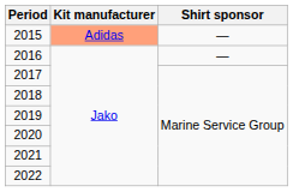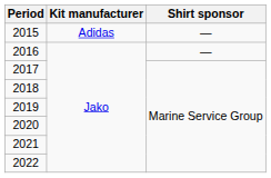 <table class="wikitable" style="text-align: center">
 <tr>
 <th>Period</th>
 <th>Kit manufacturer</th>
 <th>Shirt sponsor</th>
 </tr>
 <tr>
 <td>2015</td>
-<td style="background: lightsalmon;"><a href='#'>Adidas</a></td>
+<td><a href='#'>Adidas</a></td>
 <td>—</td>
 </tr>
 <tr>
 <td>2016</td>
 <td rowspan="7"><a href='#'>Jako</a></td>
 <td>—</td>
 </tr>
 <tr>
 <td>2017</td>
 <td rowspan="6">Marine Service Group</td>
 </tr>
 <tr>
 <td>2018</td>
 </tr>
 <tr>
 <td>2019</td>
 </tr>
 <tr>
 <td>2020</td>
 </tr>
 <tr>
 <td>2021</td>
 </tr>
 <tr>
 <td>2022</td>
 </tr>
 </table>
